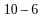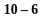 <table style="text-align:center">
 <tr>
 <th width=200></th>
 <th width=100></th>
 <th width=200></th>
 </tr>
 <tr>
 <td align=right><strong></strong></td>
-<td>10 – 6</td>
+<td><strong>10 – 6</strong></td>
 <td align=left></td>
 </tr>
 </table>
